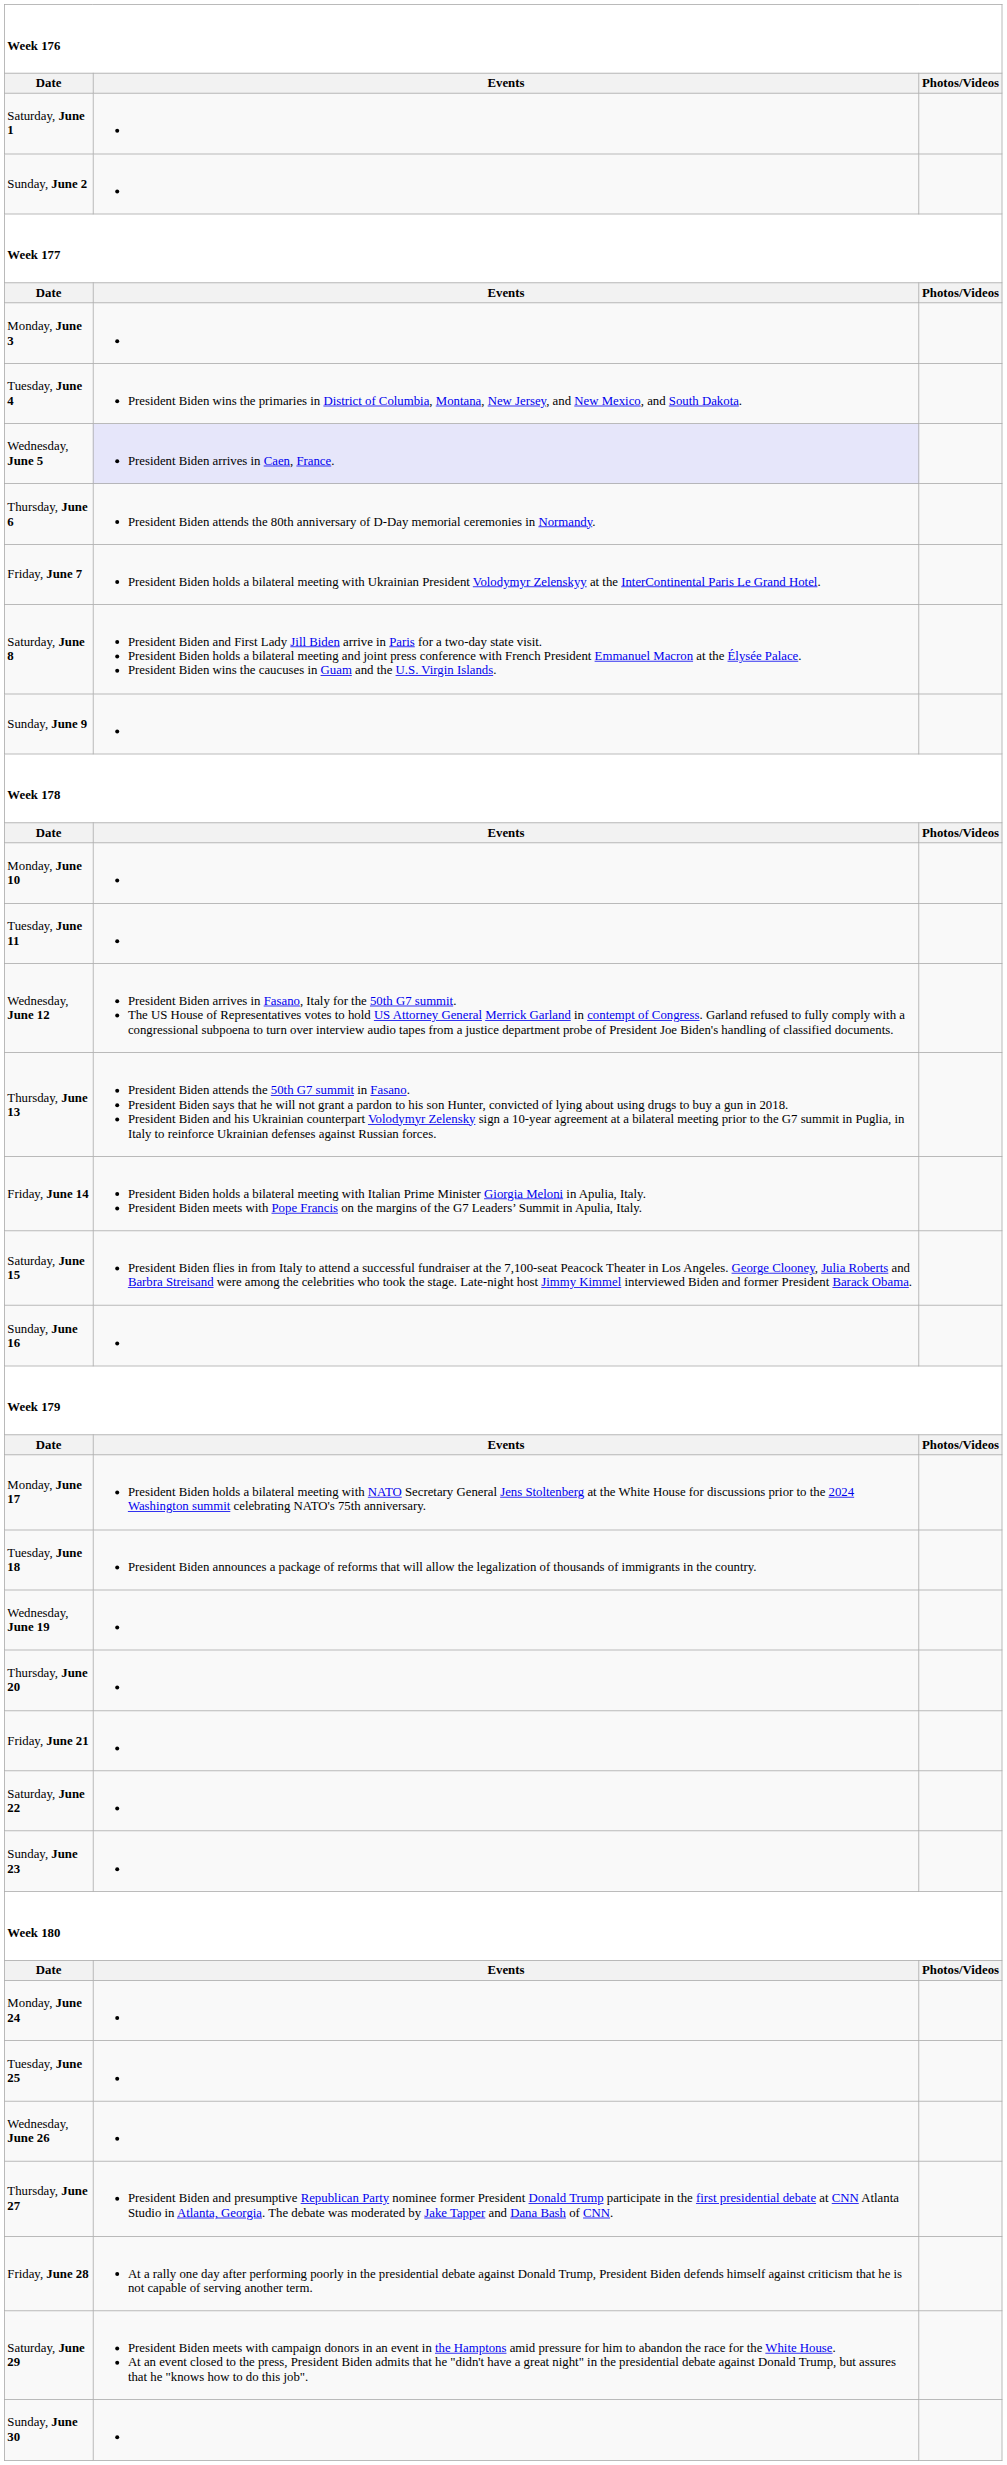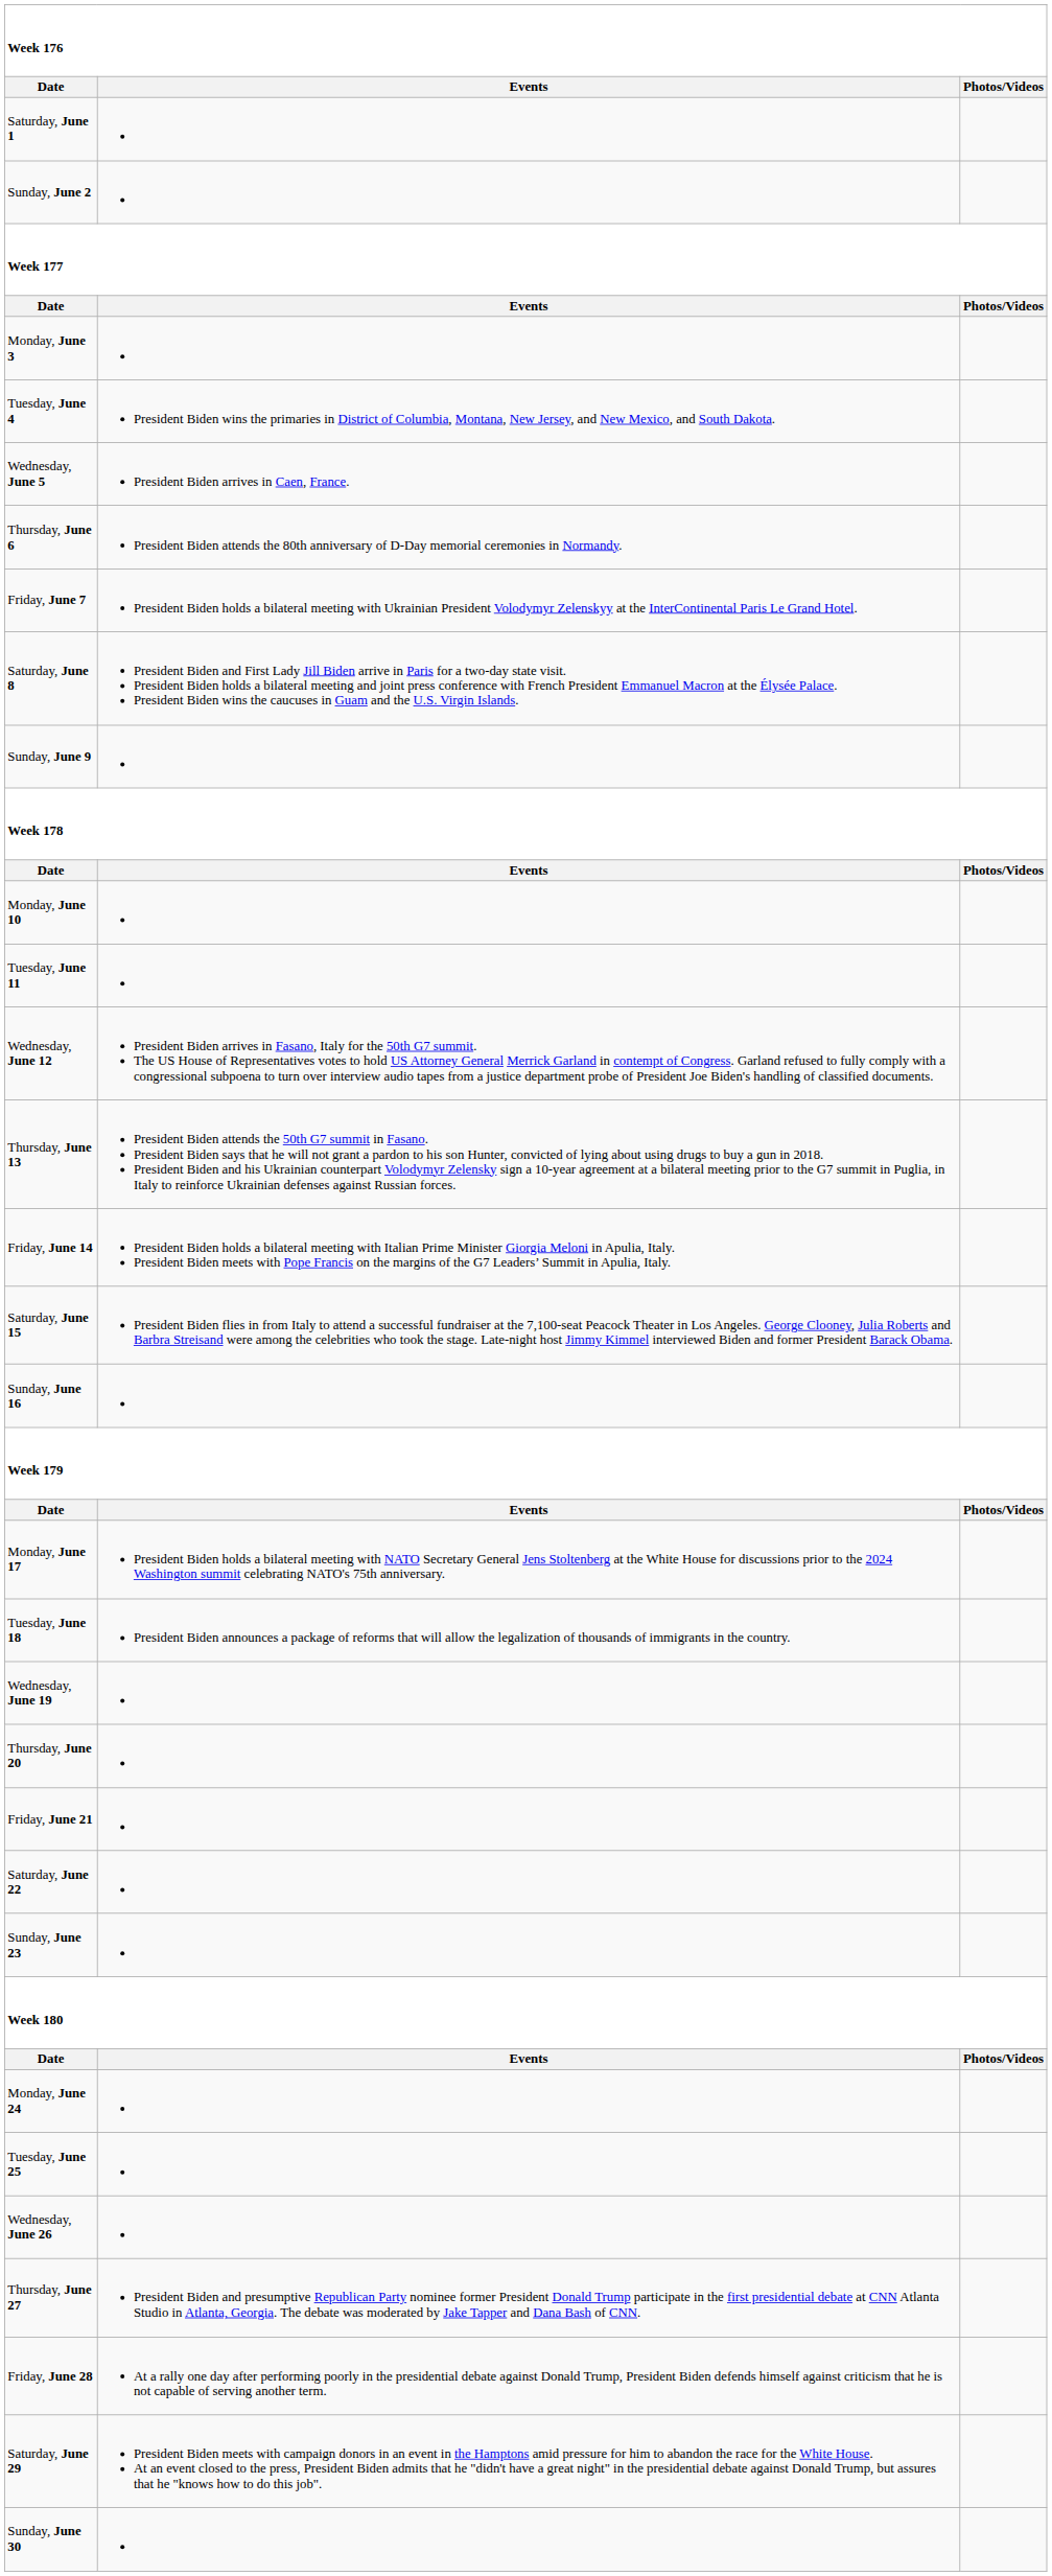 <table class="wikitable">
 <tr style="background:white;">
 <td colspan="3"><br><h4>Week 176</h4></td>
 </tr>
 <tr>
 <th>Date</th>
 <th>Events</th>
 <th>Photos/Videos</th>
 </tr>
 <tr>
 <td>Saturday, <strong>June 1</strong></td>
 <td><br><ul><li></li></ul></td>
 <td></td>
 </tr>
 <tr>
 <td>Sunday, <strong>June 2</strong></td>
 <td><br><ul><li></li></ul></td>
 <td></td>
 </tr>
 <tr style="background:white;">
 <td colspan="3"><br><h4>Week 177</h4></td>
 </tr>
 <tr>
 <th>Date</th>
 <th>Events</th>
 <th>Photos/Videos</th>
 </tr>
 <tr>
 <td>Monday, <strong>June 3</strong></td>
 <td><br><ul><li></li></ul></td>
 <td></td>
 </tr>
 <tr>
 <td>Tuesday, <strong>June 4</strong></td>
 <td><br><ul><li>President Biden wins the primaries in <a href='#'>District of Columbia</a>, <a href='#'>Montana</a>, <a href='#'>New Jersey</a>, and <a href='#'>New Mexico</a>, and <a href='#'>South Dakota</a>.</li></ul></td>
 <td></td>
 </tr>
 <tr>
 <td>Wednesday, <strong>June 5</strong></td>
-<td style="background: lavender;"><br><ul><li>President Biden arrives in <a href='#'>Caen</a>, <a href='#'>France</a>.</li></ul></td>
+<td><br><ul><li>President Biden arrives in <a href='#'>Caen</a>, <a href='#'>France</a>.</li></ul></td>
 <td></td>
 </tr>
 <tr>
 <td>Thursday, <strong>June 6</strong></td>
 <td><br><ul><li>President Biden attends the 80th anniversary of D-Day memorial ceremonies in <a href='#'>Normandy</a>.</li></ul></td>
 <td></td>
 </tr>
 <tr>
 <td>Friday, <strong>June 7</strong></td>
 <td><br><ul><li>President Biden holds a bilateral meeting with Ukrainian President <a href='#'>Volodymyr Zelenskyy</a> at the <a href='#'>InterContinental Paris Le Grand Hotel</a>.</li></ul></td>
 <td></td>
 </tr>
 <tr>
 <td>Saturday, <strong>June 8</strong></td>
 <td><br><ul><li>President Biden and First Lady <a href='#'>Jill Biden</a> arrive in <a href='#'>Paris</a> for a two-day state visit.</li><li>President Biden holds a bilateral meeting and joint press conference with French President <a href='#'>Emmanuel Macron</a> at the <a href='#'>Élysée Palace</a>.</li><li>President Biden wins the caucuses in <a href='#'>Guam</a> and the <a href='#'>U.S. Virgin Islands</a>.</li></ul></td>
 <td></td>
 </tr>
 <tr>
 <td>Sunday, <strong>June 9</strong></td>
 <td><br><ul><li></li></ul></td>
 <td></td>
 </tr>
 <tr style="background:white;">
 <td colspan="3"><br><h4>Week 178</h4></td>
 </tr>
 <tr>
 <th>Date</th>
 <th>Events</th>
 <th>Photos/Videos</th>
 </tr>
 <tr>
 <td>Monday, <strong>June 10</strong></td>
 <td><br><ul><li></li></ul></td>
 <td></td>
 </tr>
 <tr>
 <td>Tuesday, <strong>June 11</strong></td>
 <td><br><ul><li></li></ul></td>
 <td></td>
 </tr>
 <tr>
 <td>Wednesday, <strong>June 12</strong></td>
 <td><br><ul><li>President Biden arrives in <a href='#'>Fasano</a>, Italy for the <a href='#'>50th G7 summit</a>.</li><li>The US House of Representatives votes to hold <a href='#'>US Attorney General</a> <a href='#'>Merrick Garland</a> in <a href='#'>contempt of Congress</a>. Garland refused to fully comply with a congressional subpoena to turn over interview audio tapes from a justice department probe of President Joe Biden's handling of classified documents.</li></ul></td>
 <td></td>
 </tr>
 <tr>
 <td>Thursday, <strong>June 13</strong></td>
 <td><br><ul><li>President Biden attends the <a href='#'>50th G7 summit</a> in <a href='#'>Fasano</a>.</li><li>President Biden says that he will not grant a pardon to his son Hunter, convicted of lying about using drugs to buy a gun in 2018.</li><li>President Biden and his Ukrainian counterpart <a href='#'>Volodymyr Zelensky</a> sign a 10-year agreement at a bilateral meeting prior to the G7 summit in Puglia, in Italy to reinforce Ukrainian defenses against Russian forces.</li></ul></td>
 <td><br></td>
 </tr>
 <tr>
 <td>Friday, <strong>June 14</strong></td>
 <td><br><ul><li>President Biden holds a bilateral meeting with Italian Prime Minister <a href='#'>Giorgia Meloni</a> in Apulia, Italy.</li><li>President Biden meets with <a href='#'>Pope Francis</a> on the margins of the G7 Leaders’ Summit in Apulia, Italy.</li></ul></td>
 <td></td>
 </tr>
 <tr>
 <td>Saturday, <strong>June 15</strong></td>
 <td><br><ul><li>President Biden flies in from Italy to attend a successful fundraiser at the 7,100-seat Peacock Theater in Los Angeles. <a href='#'>George Clooney</a>, <a href='#'>Julia Roberts</a> and <a href='#'>Barbra Streisand</a> were among the celebrities who took the stage. Late-night host <a href='#'>Jimmy Kimmel</a> interviewed Biden and former President <a href='#'>Barack Obama</a>.</li></ul></td>
 <td></td>
 </tr>
 <tr>
 <td>Sunday, <strong>June 16</strong></td>
 <td><br><ul><li></li></ul></td>
 <td></td>
 </tr>
 <tr style="background:white;">
 <td colspan="3"><br><h4>Week 179</h4></td>
 </tr>
 <tr>
 <th>Date</th>
 <th>Events</th>
 <th>Photos/Videos</th>
 </tr>
 <tr>
 <td>Monday, <strong>June 17</strong></td>
 <td><br><ul><li>President Biden holds a bilateral meeting with <a href='#'>NATO</a> Secretary General <a href='#'>Jens Stoltenberg</a> at the White House for discussions prior to the <a href='#'>2024 Washington summit</a> celebrating NATO's 75th anniversary.</li></ul></td>
 <td></td>
 </tr>
 <tr>
 <td>Tuesday, <strong>June 18</strong></td>
 <td><br><ul><li>President Biden announces a package of reforms that will allow the legalization of thousands of immigrants in the country.</li></ul></td>
 <td></td>
 </tr>
 <tr>
 <td>Wednesday, <strong>June 19</strong></td>
 <td><br><ul><li></li></ul></td>
 <td></td>
 </tr>
 <tr>
 <td>Thursday, <strong>June 20</strong></td>
 <td><br><ul><li></li></ul></td>
 <td></td>
 </tr>
 <tr>
 <td>Friday, <strong>June 21</strong></td>
 <td><br><ul><li></li></ul></td>
 <td></td>
 </tr>
 <tr>
 <td>Saturday, <strong>June 22</strong></td>
 <td><br><ul><li></li></ul></td>
 <td></td>
 </tr>
 <tr>
 <td>Sunday, <strong>June 23</strong></td>
 <td><br><ul><li></li></ul></td>
 <td></td>
 </tr>
 <tr style="background:white;">
 <td colspan="3"><br><h4>Week 180</h4></td>
 </tr>
 <tr>
 <th>Date</th>
 <th>Events</th>
 <th>Photos/Videos</th>
 </tr>
 <tr>
 <td>Monday, <strong>June 24</strong></td>
 <td><br><ul><li></li></ul></td>
 <td></td>
 </tr>
 <tr>
 <td>Tuesday, <strong>June 25</strong></td>
 <td><br><ul><li></li></ul></td>
 <td></td>
 </tr>
 <tr>
 <td>Wednesday, <strong>June 26</strong></td>
 <td><br><ul><li></li></ul></td>
 <td></td>
 </tr>
 <tr>
 <td>Thursday, <strong>June 27</strong></td>
 <td><br><ul><li>President Biden and presumptive <a href='#'>Republican Party</a> nominee former President <a href='#'>Donald Trump</a> participate in the <a href='#'>first presidential debate</a> at <a href='#'>CNN</a> Atlanta Studio in <a href='#'>Atlanta, Georgia</a>. The debate was moderated by <a href='#'>Jake Tapper</a> and <a href='#'>Dana Bash</a> of <a href='#'>CNN</a>.</li></ul></td>
 <td></td>
 </tr>
 <tr>
 <td>Friday, <strong>June 28</strong></td>
 <td><br><ul><li>At a rally one day after performing poorly in the presidential debate against Donald Trump, President Biden defends himself against criticism that he is not capable of serving another term.</li></ul></td>
 <td></td>
 </tr>
 <tr>
 <td>Saturday, <strong>June 29</strong></td>
 <td><br><ul><li>President Biden meets with campaign donors in an event in <a href='#'>the Hamptons</a> amid pressure for him to abandon the race for the <a href='#'>White House</a>.</li><li>At an event closed to the press, President Biden admits that he "didn't have a great night" in the presidential debate against Donald Trump, but assures that he "knows how to do this job".</li></ul></td>
 <td></td>
 </tr>
 <tr>
 <td>Sunday, <strong>June 30</strong></td>
 <td><br><ul><li></li></ul></td>
 <td></td>
 </tr>
 </table>
